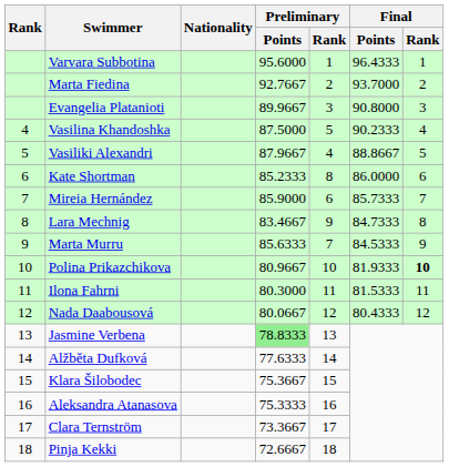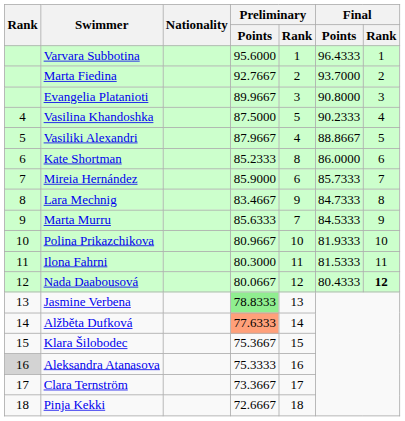 <table class="wikitable sortable" style="text-align:center">
 <tr>
 <th rowspan=2>Rank</th>
 <th rowspan=2>Swimmer</th>
 <th rowspan=2>Nationality</th>
 <th colspan=2>Preliminary</th>
 <th colspan=2>Final</th>
 </tr>
 <tr>
 <th>Points</th>
 <th>Rank</th>
 <th>Points</th>
 <th>Rank</th>
 </tr>
 <tr bgcolor=ccffcc>
 <td></td>
 <td align=left><a href='#'>Varvara Subbotina</a></td>
 <td align=left></td>
 <td>95.6000</td>
 <td>1</td>
 <td>96.4333</td>
 <td>1</td>
 </tr>
 <tr bgcolor=ccffcc>
 <td></td>
 <td align=left><a href='#'>Marta Fiedina</a></td>
 <td align=left></td>
 <td>92.7667</td>
 <td>2</td>
 <td>93.7000</td>
 <td>2</td>
 </tr>
 <tr bgcolor=ccffcc>
 <td></td>
 <td align=left><a href='#'>Evangelia Platanioti</a></td>
 <td align=left></td>
 <td>89.9667</td>
 <td>3</td>
 <td>90.8000</td>
 <td>3</td>
 </tr>
 <tr bgcolor=ccffcc>
 <td>4</td>
 <td align=left><a href='#'>Vasilina Khandoshka</a></td>
 <td align=left></td>
 <td>87.5000</td>
 <td>5</td>
 <td>90.2333</td>
 <td>4</td>
 </tr>
 <tr bgcolor=ccffcc>
 <td>5</td>
 <td align=left><a href='#'>Vasiliki Alexandri</a></td>
 <td align=left></td>
 <td>87.9667</td>
 <td>4</td>
 <td>88.8667</td>
 <td>5</td>
 </tr>
 <tr bgcolor=ccffcc>
 <td>6</td>
 <td align=left><a href='#'>Kate Shortman</a></td>
 <td align=left></td>
 <td>85.2333</td>
 <td>8</td>
 <td>86.0000</td>
 <td>6</td>
 </tr>
 <tr bgcolor=ccffcc>
 <td>7</td>
 <td align=left><a href='#'>Mireia Hernández</a></td>
 <td align=left></td>
 <td>85.9000</td>
 <td>6</td>
 <td>85.7333</td>
 <td>7</td>
 </tr>
 <tr bgcolor=ccffcc>
 <td>8</td>
 <td align=left><a href='#'>Lara Mechnig</a></td>
 <td align=left></td>
 <td>83.4667</td>
 <td>9</td>
 <td>84.7333</td>
 <td>8</td>
 </tr>
 <tr bgcolor=ccffcc>
 <td>9</td>
 <td align=left><a href='#'>Marta Murru</a></td>
 <td align=left></td>
 <td>85.6333</td>
 <td>7</td>
 <td>84.5333</td>
 <td>9</td>
 </tr>
 <tr bgcolor=ccffcc>
 <td>10</td>
 <td align=left><a href='#'>Polina Prikazchikova</a></td>
 <td align=left></td>
 <td>80.9667</td>
 <td>10</td>
 <td>81.9333</td>
-<td><strong>10</strong></td>
+<td>10</td>
 </tr>
 <tr bgcolor=ccffcc>
 <td>11</td>
 <td align=left><a href='#'>Ilona Fahrni</a></td>
 <td align=left></td>
 <td>80.3000</td>
 <td>11</td>
 <td>81.5333</td>
 <td>11</td>
 </tr>
 <tr bgcolor=ccffcc>
 <td>12</td>
 <td align=left><a href='#'>Nada Daabousová</a></td>
 <td align=left></td>
 <td>80.0667</td>
 <td>12</td>
 <td>80.4333</td>
-<td>12</td>
+<td><strong>12</strong></td>
 </tr>
 <tr>
 <td>13</td>
 <td align=left><a href='#'>Jasmine Verbena</a></td>
 <td align=left></td>
 <td style="background: lightgreen;">78.8333</td>
 <td>13</td>
 <td colspan=2 rowspan=6></td>
 </tr>
 <tr>
 <td>14</td>
 <td align=left><a href='#'>Alžběta Dufková</a></td>
 <td align=left></td>
-<td>77.6333</td>
+<td style="background: lightsalmon;">77.6333</td>
 <td>14</td>
 </tr>
 <tr>
 <td>15</td>
 <td align=left><a href='#'>Klara Šilobodec</a></td>
 <td align=left></td>
 <td>75.3667</td>
 <td>15</td>
 </tr>
 <tr>
-<td>16</td>
+<td style="background: lightgrey;">16</td>
 <td align=left><a href='#'>Aleksandra Atanasova</a></td>
 <td align=left></td>
 <td>75.3333</td>
 <td>16</td>
 </tr>
 <tr>
 <td>17</td>
 <td align=left><a href='#'>Clara Ternström</a></td>
 <td align=left></td>
 <td>73.3667</td>
 <td>17</td>
 </tr>
 <tr>
 <td>18</td>
 <td align=left><a href='#'>Pinja Kekki</a></td>
 <td align=left></td>
 <td>72.6667</td>
 <td>18</td>
 </tr>
 </table>
